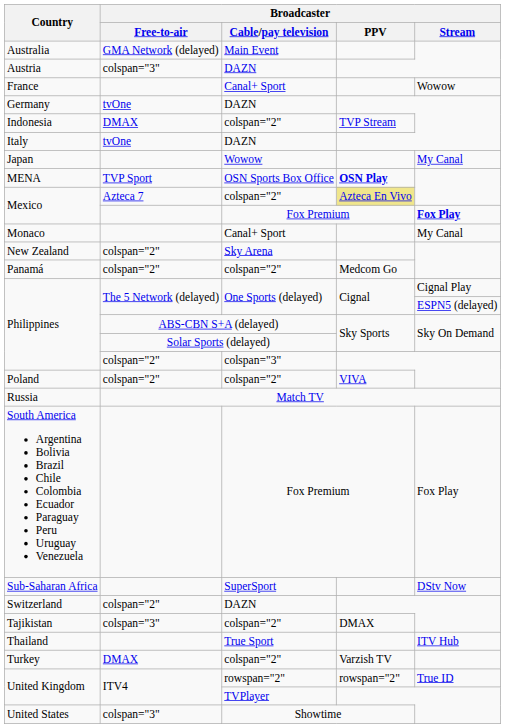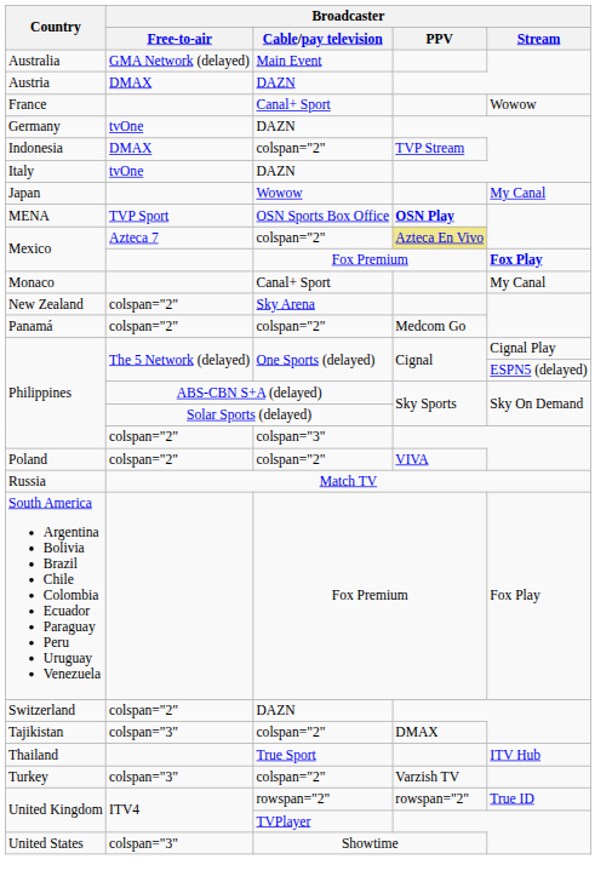 <table class="wikitable">
 <tr>
 <th rowspan="2" style="text-align:center;">Country</th>
 <th colspan="4" style="text-align:center;">Broadcaster</th>
 </tr>
 <tr>
 <th align="center"><a href='#'>Free-to-air</a></th>
 <th align="center"><a href='#'>Cable</a>/<a href='#'>pay television</a></th>
 <th align="center">PPV</th>
 <th align="center"><a href='#'>Stream</a></th>
 </tr>
 <tr>
 <td> Australia</td>
 <td><a href='#'>GMA Network</a> (delayed)</td>
 <td><a href='#'>Main Event</a></td>
 <td></td>
 </tr>
 <tr>
 <td> Austria</td>
-<td>colspan="3" </td>
+<td><a href='#'>DMAX</a></td>
 <td><a href='#'>DAZN</a></td>
 </tr>
 <tr>
 <td> France</td>
 <td></td>
 <td><a href='#'>Canal+ Sport</a></td>
 <td></td>
 <td>Wowow</td>
 </tr>
 <tr>
 <td> Germany</td>
 <td><a href='#'>tvOne</a></td>
 <td>DAZN</td>
 </tr>
 <tr>
 <td> Indonesia</td>
 <td><a href='#'>DMAX</a></td>
 <td>colspan="2" </td>
 <td><a href='#'>TVP Stream</a></td>
 </tr>
 <tr>
 <td> Italy</td>
 <td><a href='#'>tvOne</a></td>
 <td>DAZN</td>
 </tr>
 <tr>
 <td> Japan</td>
 <td></td>
 <td><a href='#'>Wowow</a></td>
 <td></td>
 <td><a href='#'>My Canal</a></td>
 </tr>
 <tr>
 <td> MENA</td>
 <td><a href='#'>TVP Sport</a></td>
 <td><a href='#'>OSN Sports Box Office</a></td>
 <td><strong><a href='#'>OSN Play</a></strong></td>
 </tr>
 <tr>
 <td rowspan="2"> Mexico</td>
 <td><a href='#'>Azteca 7</a></td>
 <td>colspan="2" </td>
 <td style="background: khaki;"><a href='#'>Azteca En Vivo</a></td>
 </tr>
 <tr>
 <td></td>
 <td colspan="2" align="center"><a href='#'>Fox Premium</a></td>
 <td><strong><a href='#'>Fox Play</a></strong></td>
 </tr>
 <tr>
 <td> Monaco</td>
 <td></td>
 <td>Canal+ Sport</td>
 <td></td>
 <td>My Canal</td>
 </tr>
 <tr>
 <td> New Zealand</td>
 <td>colspan="2" </td>
 <td><a href='#'>Sky Arena</a></td>
 <td></td>
 </tr>
 <tr>
 <td> Panamá</td>
 <td>colspan="2" </td>
 <td>colspan="2" </td>
 <td>Medcom Go</td>
 </tr>
 <tr>
 <td rowspan="5"> Philippines</td>
 <td rowspan="2"><a href='#'>The 5 Network</a> (delayed)</td>
 <td rowspan="2"><a href='#'>One Sports</a> (delayed)</td>
 <td rowspan="2">Cignal</td>
 <td>Cignal Play</td>
 </tr>
 <tr>
 <td><a href='#'>ESPN5</a> (delayed)</td>
 </tr>
 <tr>
 <td colspan="2" align="center"><a href='#'>ABS-CBN S+A</a> (delayed)</td>
 <td rowspan="2">Sky Sports</td>
 <td rowspan="2">Sky On Demand</td>
 </tr>
 <tr>
 <td colspan="2" align="center"><a href='#'>Solar Sports</a> (delayed)</td>
 </tr>
 <tr>
 <td>colspan="2" </td>
 <td>colspan="3" </td>
 </tr>
 <tr>
 <td> Poland</td>
 <td>colspan="2" </td>
 <td>colspan="2" </td>
 <td><a href='#'>VIVA</a></td>
 </tr>
 <tr>
 <td> Russia</td>
 <td colspan="4" align="center"><a href='#'>Match TV</a></td>
 </tr>
 <tr>
 <td><a href='#'>South America</a><br><ul><li> Argentina</li><li> Bolivia</li><li> Brazil</li><li> Chile</li><li> Colombia</li><li> Ecuador</li><li> Paraguay</li><li> Peru</li><li> Uruguay</li><li> Venezuela</li></ul></td>
 <td></td>
 <td colspan="2" align="center">Fox Premium</td>
 <td>Fox Play</td>
 </tr>
 <tr>
-<td><a href='#'>Sub-Saharan Africa</a></td>
-<td></td>
-<td><a href='#'>SuperSport</a></td>
-<td></td>
-<td><a href='#'>DStv Now</a></td>
-</tr>
-<tr>
 <td> Switzerland</td>
 <td>colspan="2" </td>
 <td>DAZN</td>
 </tr>
 <tr>
 <td> Tajikistan</td>
 <td>colspan="3" </td>
 <td>colspan="2" </td>
 <td>DMAX</td>
 </tr>
 <tr>
 <td> Thailand</td>
 <td></td>
 <td><a href='#'>True Sport</a></td>
 <td></td>
 <td><a href='#'>ITV Hub</a></td>
 </tr>
 <tr>
 <td> Turkey</td>
-<td><a href='#'>DMAX</a></td>
+<td>colspan="3" </td>
 <td>colspan="2" </td>
 <td>Varzish TV</td>
 </tr>
 <tr>
 <td rowspan="2"> United Kingdom</td>
 <td rowspan="2">ITV4</td>
 <td>rowspan="2" </td>
 <td>rowspan="2" </td>
 <td><a href='#'>True ID</a></td>
 </tr>
 <tr>
 <td><a href='#'>TVPlayer</a></td>
 </tr>
 <tr>
 <td> United States</td>
 <td>colspan="3" </td>
 <td colspan="2" align="center">Showtime</td>
 </tr>
 </table>
